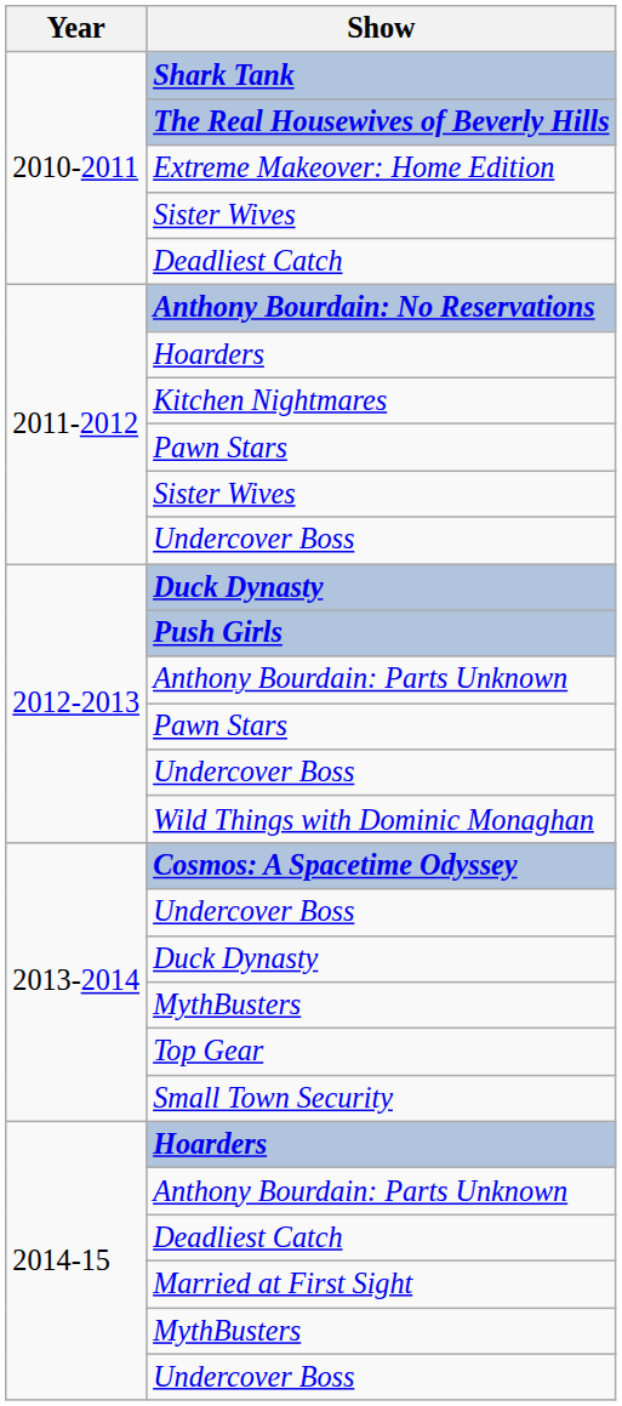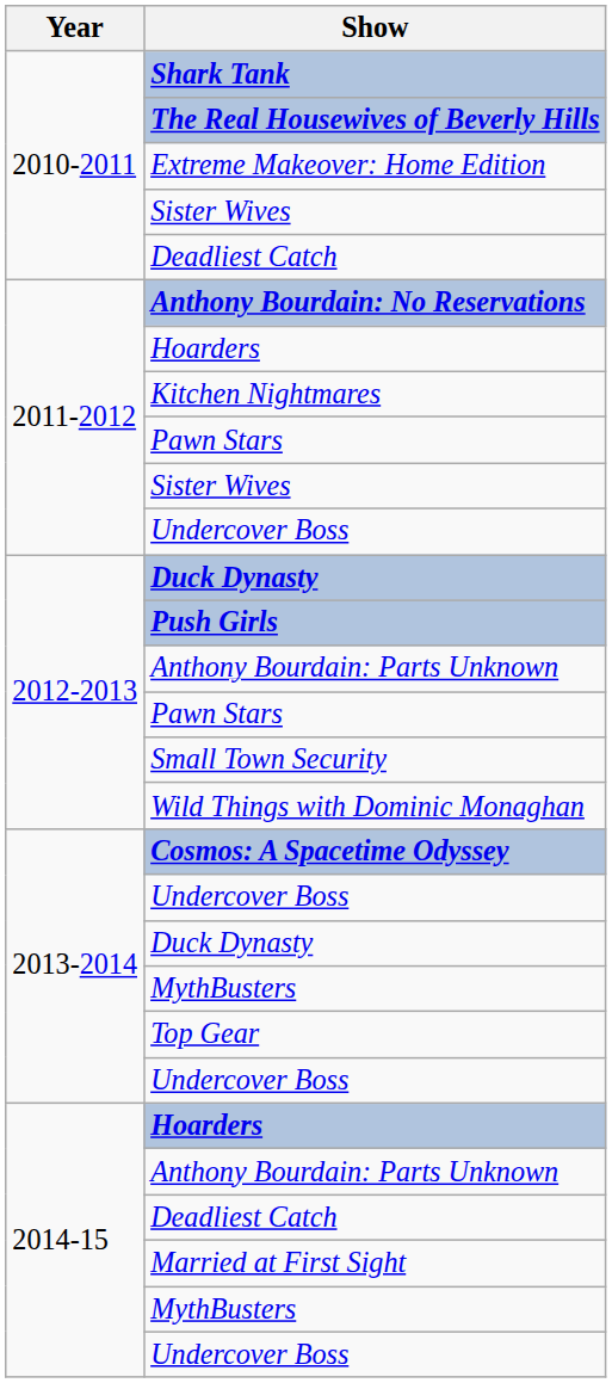 <table class="wikitable">
 <tr>
 <th><strong>Year</strong></th>
 <th><strong>Show</strong></th>
 </tr>
 <tr>
 <td rowspan="5">2010-<a href='#'>2011</a></td>
 <td style="background:#B0C4DE;"><strong><em><a href='#'>Shark Tank</a></em></strong></td>
 </tr>
 <tr>
 <td style="background:#B0C4DE;"><strong><em><a href='#'>The Real Housewives of Beverly Hills</a></em></strong></td>
 </tr>
 <tr>
 <td><em><a href='#'>Extreme Makeover: Home Edition</a></em></td>
 </tr>
 <tr>
 <td><em><a href='#'>Sister Wives</a></em></td>
 </tr>
 <tr>
 <td><em><a href='#'>Deadliest Catch</a></em></td>
 </tr>
 <tr>
 <td rowspan="6">2011-<a href='#'>2012</a></td>
 <td style="background:#B0C4DE;"><strong><em><a href='#'>Anthony Bourdain: No Reservations</a></em></strong></td>
 </tr>
 <tr>
 <td><em><a href='#'>Hoarders</a></em></td>
 </tr>
 <tr>
 <td><em><a href='#'>Kitchen Nightmares</a></em></td>
 </tr>
 <tr>
 <td><em><a href='#'>Pawn Stars</a></em></td>
 </tr>
 <tr>
 <td><em><a href='#'>Sister Wives</a></em></td>
 </tr>
 <tr>
 <td><em><a href='#'>Undercover Boss</a></em></td>
 </tr>
 <tr>
 <td rowspan="6"><a href='#'>2012-2013</a></td>
 <td style="background:#B0C4DE;"><strong><em><a href='#'>Duck Dynasty</a></em></strong></td>
 </tr>
 <tr>
 <td style="background:#B0C4DE;"><strong><em><a href='#'>Push Girls</a></em></strong></td>
 </tr>
 <tr>
 <td><em><a href='#'>Anthony Bourdain: Parts Unknown</a></em></td>
 </tr>
 <tr>
 <td><em><a href='#'>Pawn Stars</a></em></td>
 </tr>
 <tr>
-<td><em><a href='#'>Undercover Boss</a></em></td>
+<td><em><a href='#'>Small Town Security</a></em></td>
 </tr>
 <tr>
 <td><em><a href='#'>Wild Things with Dominic Monaghan</a></em></td>
 </tr>
 <tr>
 <td rowspan="6">2013-<a href='#'>2014</a></td>
 <td style="background:#B0C4DE;"><strong><em><a href='#'>Cosmos: A Spacetime Odyssey</a></em></strong></td>
 </tr>
 <tr>
 <td><em><a href='#'>Undercover Boss</a></em></td>
 </tr>
 <tr>
 <td><em><a href='#'>Duck Dynasty</a></em></td>
 </tr>
 <tr>
 <td><em><a href='#'>MythBusters</a></em></td>
 </tr>
 <tr>
 <td><em><a href='#'>Top Gear</a></em></td>
 </tr>
 <tr>
-<td><em><a href='#'>Small Town Security</a></em></td>
+<td><em><a href='#'>Undercover Boss</a></em></td>
 </tr>
 <tr>
 <td rowspan="6">2014-15</td>
 <td style="background:#B0C4DE;"><strong><em><a href='#'>Hoarders</a></em></strong></td>
 </tr>
 <tr>
 <td><em><a href='#'>Anthony Bourdain: Parts Unknown</a></em></td>
 </tr>
 <tr>
 <td><em><a href='#'>Deadliest Catch</a></em></td>
 </tr>
 <tr>
 <td><em><a href='#'>Married at First Sight</a></em></td>
 </tr>
 <tr>
 <td><em><a href='#'>MythBusters</a></em></td>
 </tr>
 <tr>
 <td><em><a href='#'>Undercover Boss</a></em></td>
 </tr>
 </table>
